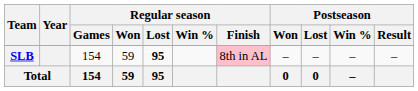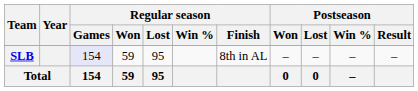 <table class="wikitable" style="font-size: 95%; text-align:center;">
 <tr>
 <th rowspan="2">Team</th>
 <th rowspan="2">Year</th>
 <th colspan="5">Regular season</th>
 <th colspan="4">Postseason</th>
 </tr>
 <tr>
 <th>Games</th>
 <th>Won</th>
 <th>Lost</th>
 <th>Win %</th>
 <th>Finish</th>
 <th>Won</th>
 <th>Lost</th>
 <th>Win %</th>
 <th>Result</th>
 </tr>
 <tr>
 </tr>
 <tr>
 <th><a href='#'>SLB</a></th>
 <th></th>
-<td>154</td>
+<td style="background: lavender;">154</td>
 <td>59</td>
-<td><strong>95</strong></td>
+<td>95</td>
 <td></td>
-<td style="background: pink;">8th in AL</td>
+<td>8th in AL</td>
 <td>–</td>
 <td>–</td>
 <td>–</td>
 <td>–</td>
 </tr>
 <tr>
 <th colspan="2">Total</th>
 <th>154</th>
 <th>59</th>
 <th>95</th>
 <th></th>
 <th></th>
 <th>0</th>
 <th>0</th>
 <th>–</th>
 <th></th>
 </tr>
 </table>
